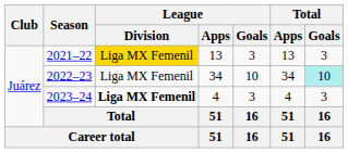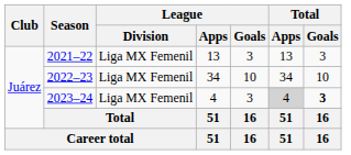 <table class=wikitable style="text-align: center;">
 <tr>
 <th rowspan=2>Club</th>
 <th rowspan=2>Season</th>
 <th colspan=3>League</th>
 <th colspan=2>Total</th>
 </tr>
 <tr>
 <th>Division</th>
 <th>Apps</th>
 <th>Goals</th>
 <th>Apps</th>
 <th>Goals</th>
 </tr>
 <tr>
 <td rowspan="4"><a href='#'>Juárez</a></td>
 <td><a href='#'>2021–22</a></td>
-<td style="background: gold;">Liga MX Femenil</td>
+<td>Liga MX Femenil</td>
 <td>13</td>
 <td>3</td>
 <td>13</td>
 <td>3</td>
 </tr>
 <tr>
 <td><a href='#'>2022–23</a></td>
 <td>Liga MX Femenil</td>
 <td>34</td>
 <td>10</td>
 <td>34</td>
-<td style="background: paleturquoise;">10</td>
+<td>10</td>
 </tr>
 <tr>
 <td><a href='#'>2023–24</a></td>
-<td><strong>Liga MX Femenil</strong></td>
+<td>Liga MX Femenil</td>
 <td>4</td>
 <td>3</td>
-<td>4</td>
-<td>3</td>
+<td style="background: lightgrey;">4</td>
+<td><strong>3</strong></td>
 </tr>
 <tr>
 <th colspan="2">Total</th>
 <th>51</th>
 <th>16</th>
 <th>51</th>
 <th>16</th>
 </tr>
 <tr>
 <th colspan="3">Career total</th>
 <th>51</th>
 <th>16</th>
 <th>51</th>
 <th>16</th>
 </tr>
 </table>
